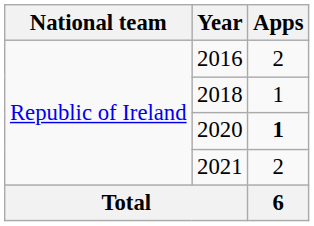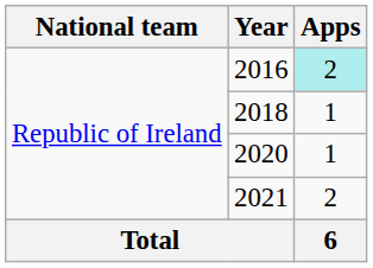 <table class="sortable wikitable" style="text-align:center">
 <tr>
 <th scope="col">National team</th>
 <th scope="col">Year</th>
 <th !scope="col">Apps</th>
 </tr>
 <tr>
 <td rowspan="4"><a href='#'>Republic of Ireland</a></td>
 <td scope="row">2016</td>
-<td>2</td>
+<td style="background: paleturquoise;">2</td>
 </tr>
 <tr>
 <td scope="row">2018</td>
 <td>1</td>
 </tr>
 <tr>
 <td scope="row">2020</td>
-<td><strong>1</strong></td>
+<td>1</td>
 </tr>
 <tr>
 <td scope="row">2021</td>
 <td>2</td>
 </tr>
 <tr>
 <th colspan="2">Total</th>
 <th>6</th>
 </tr>
 </table>
